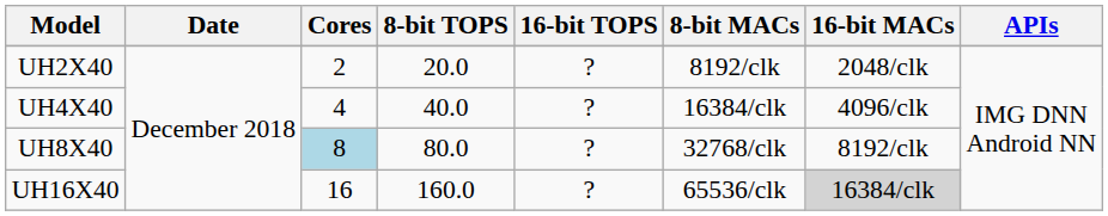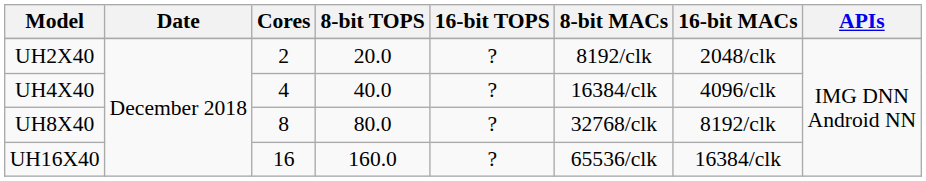 <table class="wikitable" style="text-align: center;">
 <tr>
 <th rowspan="2">Model</th>
 <th rowspan="2">Date</th>
 <th rowspan="2">Cores</th>
 <th rowspan="2">8-bit TOPS</th>
 <th rowspan="2">16-bit TOPS</th>
 <th rowspan="2">8-bit MACs</th>
 <th rowspan="2">16-bit MACs</th>
 <th rowspan="2"><a href='#'>APIs</a></th>
 </tr>
 <tr>
 </tr>
 <tr>
 </tr>
 <tr>
 <td>UH2X40</td>
 <td rowspan="4">December 2018</td>
 <td>2</td>
 <td>20.0</td>
 <td>?</td>
 <td>8192/clk</td>
 <td>2048/clk</td>
 <td rowspan="4">IMG DNN<br>Android NN</td>
 </tr>
 <tr>
 <td>UH4X40</td>
 <td>4</td>
 <td>40.0</td>
 <td>?</td>
 <td>16384/clk</td>
 <td>4096/clk</td>
 </tr>
 <tr>
 <td>UH8X40</td>
-<td style="background: lightblue;">8</td>
+<td>8</td>
 <td>80.0</td>
 <td>?</td>
 <td>32768/clk</td>
 <td>8192/clk</td>
 </tr>
 <tr>
 <td>UH16X40</td>
 <td>16</td>
 <td>160.0</td>
 <td>?</td>
 <td>65536/clk</td>
-<td style="background: lightgrey;">16384/clk</td>
+<td>16384/clk</td>
 </tr>
 </table>
